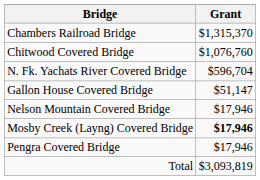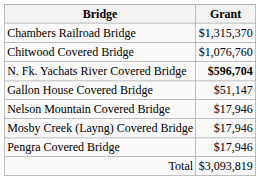 <table class="wikitable">
 <tr>
 </tr>
 <tr>
 <th>Bridge</th>
 <th>Grant</th>
 </tr>
 <tr>
 <td>Chambers Railroad Bridge</td>
 <td align="right">$1,315,370</td>
 </tr>
 <tr>
 <td>Chitwood Covered Bridge</td>
 <td align="right">$1,076,760</td>
 </tr>
 <tr>
 <td>N. Fk. Yachats River Covered Bridge</td>
-<td align="right">$596,704</td>
+<td align="right"><strong>$596,704</strong></td>
 </tr>
 <tr>
 <td>Gallon House Covered Bridge</td>
 <td align="right">$51,147</td>
 </tr>
 <tr>
 <td>Nelson Mountain Covered Bridge</td>
 <td align="right">$17,946</td>
 </tr>
 <tr>
 <td>Mosby Creek (Layng) Covered Bridge</td>
-<td align="right"><strong>$17,946</strong></td>
+<td align="right">$17,946</td>
 </tr>
 <tr>
 <td>Pengra Covered Bridge</td>
 <td align="right">$17,946</td>
 </tr>
 <tr>
 <td align="right">Total</td>
 <td align="right">$3,093,819</td>
 </tr>
 </table>
